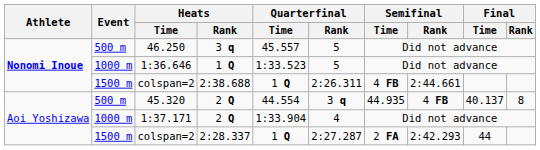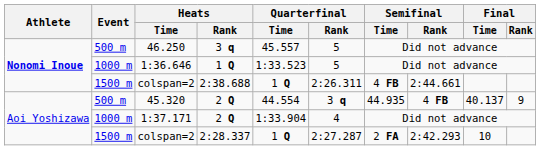 <table class="wikitable" style="font-size:90%">
 <tr>
 <th rowspan=2>Athlete</th>
 <th rowspan=2>Event</th>
 <th colspan=2>Heats</th>
 <th colspan=2>Quarterfinal</th>
 <th colspan=2>Semifinal</th>
 <th colspan=2>Final</th>
 </tr>
 <tr style="font-size:95%">
 <th>Time</th>
 <th>Rank</th>
 <th>Time</th>
 <th>Rank</th>
 <th>Time</th>
 <th>Rank</th>
 <th>Time</th>
 <th>Rank</th>
 </tr>
 <tr align=center>
 <td align=left rowspan=3><strong><a href='#'>Nonomi Inoue</a></strong></td>
 <td align=left><a href='#'>500 m</a></td>
 <td>46.250</td>
 <td>3 <strong>q</strong></td>
 <td>45.557</td>
 <td>5</td>
 <td colspan=4>Did not advance</td>
 </tr>
 <tr align=center>
 <td align=left><a href='#'>1000 m</a></td>
 <td>1:36.646</td>
 <td>1 <strong>Q</strong></td>
 <td>1:33.523</td>
 <td>5</td>
 <td colspan=4>Did not advance</td>
 </tr>
 <tr align=center>
 <td align=left><a href='#'>1500 m</a></td>
 <td>colspan=2</td>
 <td>2:38.688</td>
 <td>1 <strong>Q</strong></td>
 <td>2:26.311</td>
 <td>4 <strong>FB</strong></td>
 <td>2:44.661</td>
 <td></td>
 </tr>
 <tr align=center>
 <td align=left rowspan=3><a href='#'>Aoi Yoshizawa</a></td>
 <td align=left><a href='#'>500 m</a></td>
 <td>45.320</td>
 <td>2 <strong>Q</strong></td>
 <td>44.554</td>
 <td>3 <strong>q</strong></td>
 <td>44.935</td>
 <td>4 <strong>FB</strong></td>
 <td>40.137</td>
-<td>8</td>
+<td>9</td>
 </tr>
 <tr align=center>
 <td align=left><a href='#'>1000 m</a></td>
 <td>1:37.171</td>
 <td>2 <strong>Q</strong></td>
 <td>1:33.904</td>
 <td>4</td>
 <td colspan=4>Did not advance</td>
 </tr>
 <tr align=center>
 <td align=left><a href='#'>1500 m</a></td>
 <td>colspan=2</td>
 <td>2:28.337</td>
 <td>1 <strong>Q</strong></td>
 <td>2:27.287</td>
 <td>2 <strong>FA</strong></td>
 <td>2:42.293</td>
-<td>44</td>
+<td>10</td>
 </tr>
 </table>
